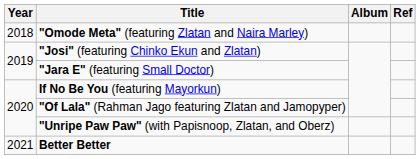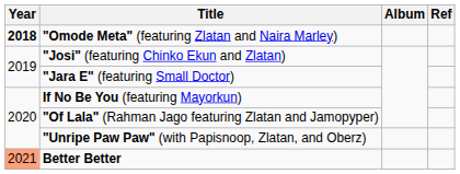 <table class="wikitable sortable">
 <tr>
 <th>Year</th>
 <th>Title</th>
 <th>Album</th>
 <th>Ref</th>
 </tr>
 <tr>
-<td>2018</td>
+<td><strong>2018</strong></td>
 <td><strong>"Omode Meta"</strong> (featuring <a href='#'>Zlatan</a> and <a href='#'>Naira Marley</a>)</td>
 <td></td>
 <td></td>
 </tr>
 <tr>
 <td rowspan="2">2019</td>
 <td><strong>"Josi"</strong> (featuring <a href='#'>Chinko Ekun</a> and <a href='#'>Zlatan</a>)</td>
 <td rowspan="4"></td>
 <td></td>
 </tr>
 <tr>
 <td><strong>"Jara E"</strong> (featuring <a href='#'>Small Doctor</a>)</td>
 <td></td>
 </tr>
 <tr>
 <td rowspan="3">2020</td>
 <td><strong>If No Be You</strong> (featuring <a href='#'>Mayorkun</a>)</td>
 <td></td>
 </tr>
 <tr>
 <td><strong>"Of Lala"</strong> (Rahman Jago featuring Zlatan and Jamopyper)</td>
 <td></td>
 </tr>
 <tr>
 <td><strong>"Unripe Paw Paw"</strong> (with Papisnoop, Zlatan, and Oberz)</td>
 <td></td>
 <td></td>
 </tr>
 <tr>
-<td>2021</td>
+<td style="background: lightsalmon;">2021</td>
 <td><strong>Better Better</strong></td>
 <td></td>
 <td></td>
 </tr>
 </table>
